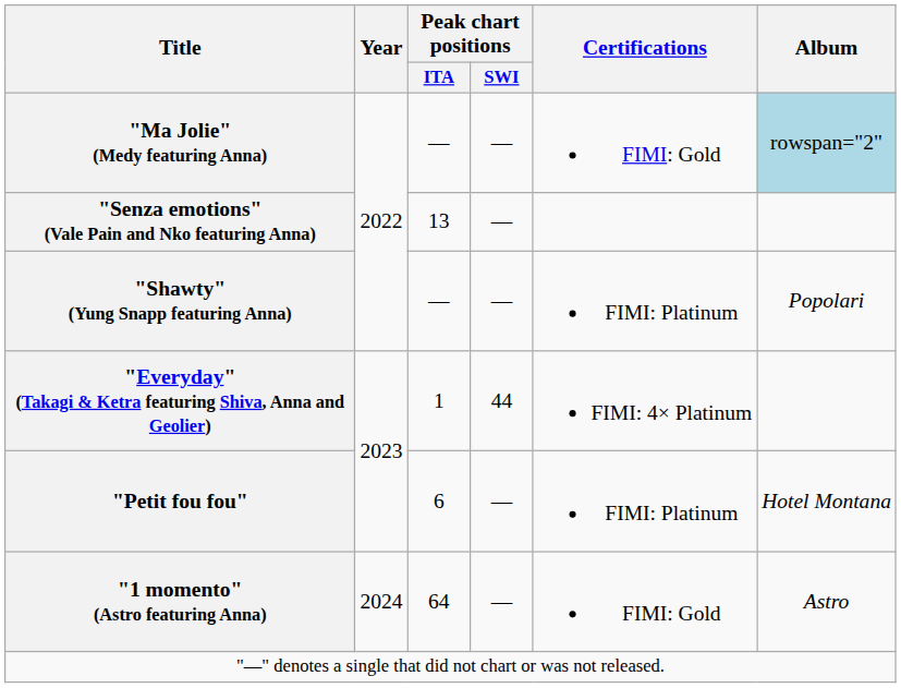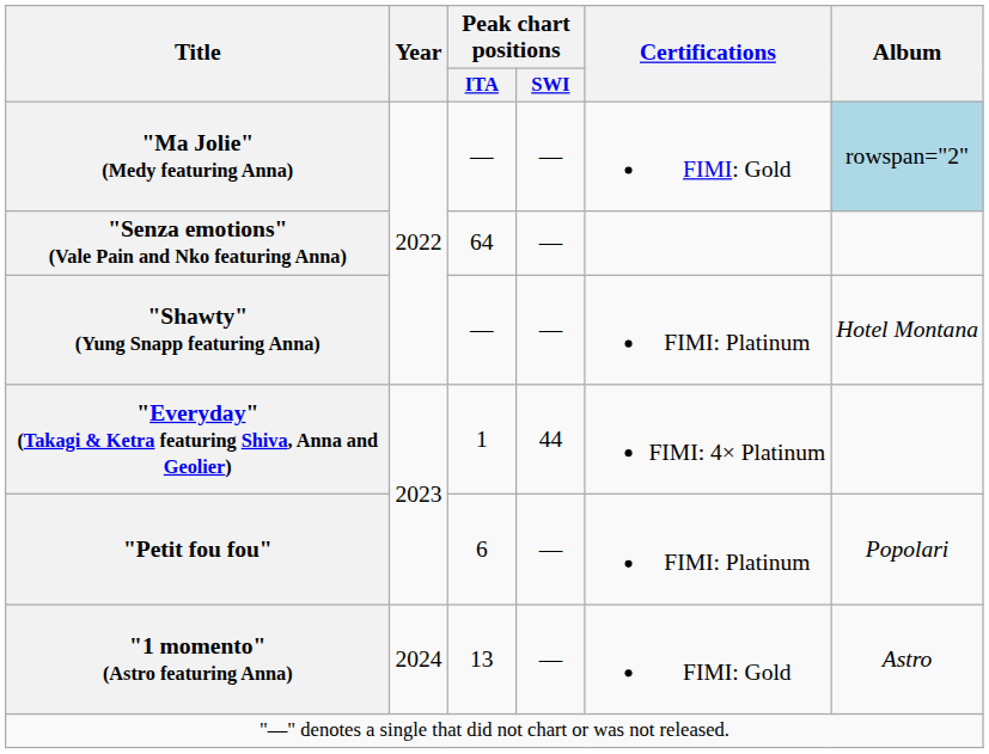 <table class="wikitable plainrowheaders" style="text-align:center;">
 <tr>
 <th scope="col" rowspan="2" style="width:16em;">Title</th>
 <th scope="col" rowspan="2" style="width:1em;">Year</th>
 <th scope="col" colspan="2">Peak chart positions</th>
 <th scope="col" rowspan="2"><a href='#'>Certifications</a></th>
 <th scope="col" rowspan="2">Album</th>
 </tr>
 <tr>
 <th scope="col" style="width:3em;font-size:85%;"><a href='#'>ITA</a><br></th>
 <th scope="col" style="width:3em;font-size:85%;"><a href='#'>SWI</a><br></th>
 </tr>
 <tr>
 <th scope="row">"Ma Jolie"<br><small>(Medy featuring Anna)</small></th>
 <td rowspan="3">2022</td>
 <td>—</td>
 <td>—</td>
 <td><br><ul><li><a href='#'>FIMI</a>: Gold</li></ul></td>
 <td style="background: lightblue;">rowspan="2" </td>
 </tr>
 <tr>
 <th scope="row">"Senza emotions"<br><small>(Vale Pain and Nko featuring Anna)</small></th>
-<td>13<br></td>
+<td>64</td>
 <td>—</td>
 <td></td>
 </tr>
 <tr>
 <th scope="row">"Shawty"<br><small>(Yung Snapp featuring Anna)</small></th>
 <td>—</td>
 <td>—</td>
 <td><br><ul><li>FIMI: Platinum</li></ul></td>
-<td><em>Popolari</em></td>
+<td><em>Hotel Montana</em></td>
 </tr>
 <tr>
 <th scope="row">"<a href='#'>Everyday</a>"<br><small>(<a href='#'>Takagi & Ketra</a> featuring <a href='#'>Shiva</a>, Anna and <a href='#'>Geolier</a>)</small></th>
 <td rowspan="2">2023</td>
 <td>1</td>
 <td>44</td>
 <td><br><ul><li>FIMI: 4× Platinum</li></ul></td>
 <td></td>
 </tr>
 <tr>
 <th scope="row">"Petit fou fou"<br></th>
 <td>6</td>
 <td>—</td>
 <td><br><ul><li>FIMI: Platinum</li></ul></td>
-<td><em>Hotel Montana</em></td>
+<td><em>Popolari</em></td>
 </tr>
 <tr>
 <th scope="row">"1 momento"<br><small>(Astro featuring Anna)</small></th>
 <td>2024</td>
-<td>64</td>
+<td>13<br></td>
 <td>—</td>
 <td><br><ul><li>FIMI: Gold</li></ul></td>
 <td><em>Astro</em></td>
 </tr>
 <tr>
 <td colspan="6" style="text-align:center; font-size:85%;">"—" denotes a single that did not chart or was not released.</td>
 </tr>
 </table>
